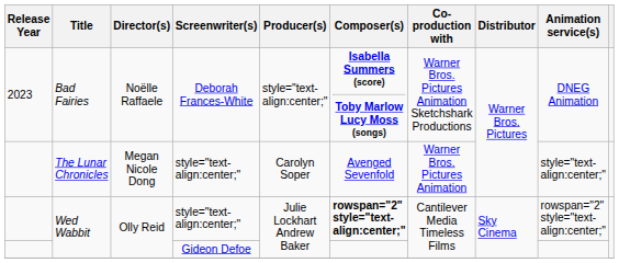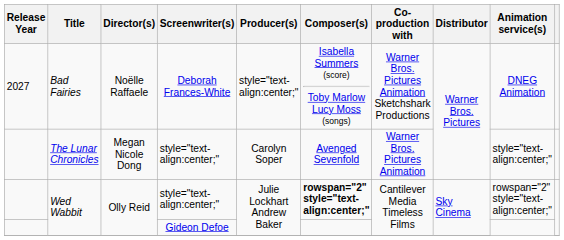 <table class="wikitable">
 <tr>
 <th>Release Year</th>
 <th>Title</th>
 <th>Director(s)</th>
 <th>Screenwriter(s)</th>
 <th>Producer(s)</th>
 <th>Composer(s)</th>
 <th>Co-production with</th>
 <th>Distributor</th>
 <th>Animation service(s)</th>
 <th></th>
 </tr>
 <tr>
-<td>2023</td>
+<td>2027</td>
 <td><em>Bad Fairies</em></td>
 <td style="text-align:center;">Noëlle Raffaele</td>
 <td style="text-align:center;"><a href='#'>Deborah Frances-White</a></td>
 <td>style="text-align:center;" </td>
-<td style="text-align:center;"><strong><a href='#'>Isabella Summers</a><br><small>(score)</small><hr><a href='#'>Toby Marlow</a><br><a href='#'>Lucy Moss</a><br><small>(songs)</small></strong></td>
+<td style="text-align:center;"><a href='#'>Isabella Summers</a><br><small>(score)</small><hr><a href='#'>Toby Marlow</a><br><a href='#'>Lucy Moss</a><br><small>(songs)</small></td>
 <td style="text-align:center;"><a href='#'>Warner Bros. Pictures Animation</a><br>Sketchshark Productions</td>
 <td rowspan="2" style="text-align:center;"><a href='#'>Warner Bros. Pictures</a></td>
 <td style="text-align:center;"><a href='#'>DNEG Animation</a></td>
 <td></td>
 </tr>
 <tr>
 <td></td>
 <td><em><a href='#'>The Lunar Chronicles</a></em></td>
 <td style="text-align:center;">Megan Nicole Dong</td>
 <td>style="text-align:center;" </td>
 <td style="text-align:center;">Carolyn Soper</td>
 <td style="text-align:center;"><a href='#'>Avenged Sevenfold</a></td>
 <td style="text-align:center;"><a href='#'>Warner Bros. Pictures Animation</a></td>
 <td>style="text-align:center;" </td>
 <td></td>
 </tr>
 <tr>
 <td></td>
 <td rowspan="2"><em>Wed Wabbit</em></td>
 <td rowspan="2" style="text-align:center;">Olly Reid</td>
 <td>style="text-align:center;" </td>
 <td rowspan="2" style="text-align:center;">Julie Lockhart<br>Andrew Baker</td>
 <td><strong>rowspan="2" style="text-align:center;" </strong></td>
 <td rowspan="2" style="text-align:center;">Cantilever Media<br>Timeless Films</td>
 <td rowspan="2"><a href='#'>Sky Cinema</a></td>
 <td>rowspan="2" style="text-align:center;" </td>
 <td rowspan="2"></td>
 </tr>
 <tr>
 <td style="text-align:center;"></td>
 <td style="text-align:center;"><a href='#'>Gideon Defoe</a></td>
 <td></td>
 </tr>
 <tr>
 </tr>
 </table>
